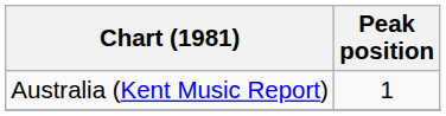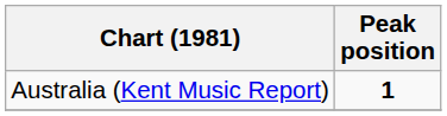 <table class="wikitable sortable">
 <tr>
 <th>Chart (1981)</th>
 <th>Peak<br>position</th>
 </tr>
 <tr>
 <td>Australia (<a href='#'>Kent Music Report</a>)</td>
-<td align="center">1</td>
+<td align="center"><strong>1</strong></td>
 </tr>
 <tr>
 </tr>
 <tr>
 </tr>
 <tr>
 </tr>
 <tr>
 </tr>
 <tr>
 </tr>
 <tr>
 </tr>
 <tr>
 </tr>
 <tr>
 </tr>
 <tr>
 </tr>
 <tr>
 </tr>
 <tr>
 </tr>
 <tr>
 </tr>
 <tr>
 </tr>
 </table>
